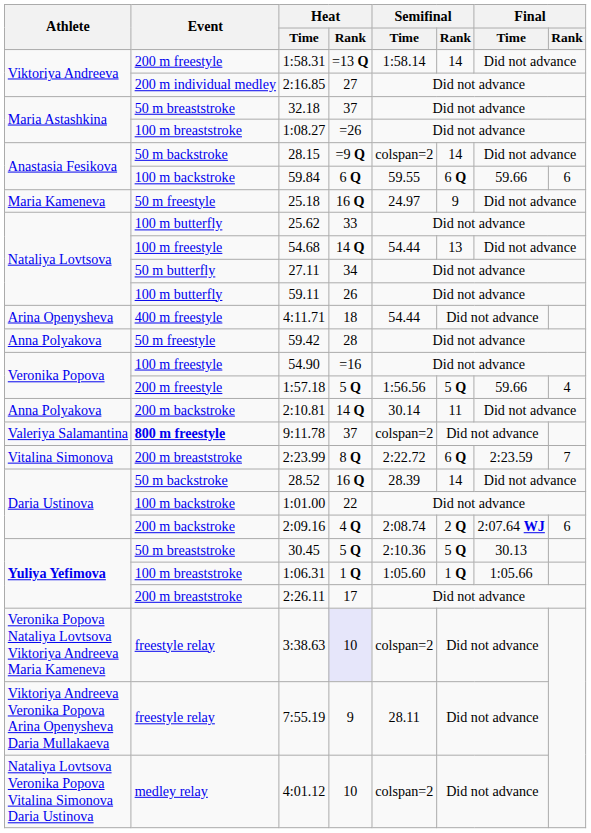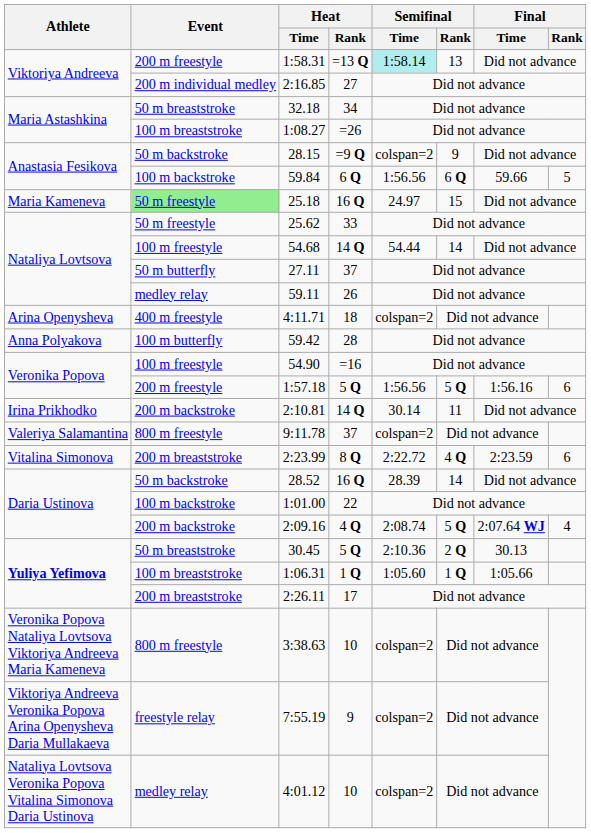 <table class=wikitable style="font-size:90%">
 <tr>
 <th rowspan="2">Athlete</th>
 <th rowspan="2">Event</th>
 <th colspan="2">Heat</th>
 <th colspan="2">Semifinal</th>
 <th colspan="2">Final</th>
 </tr>
 <tr style="font-size:95%">
 <th>Time</th>
 <th>Rank</th>
 <th>Time</th>
 <th>Rank</th>
 <th>Time</th>
 <th>Rank</th>
 </tr>
 <tr align=center>
 <td align=left rowspan=2><a href='#'>Viktoriya Andreeva</a></td>
 <td align=left><a href='#'>200 m freestyle</a></td>
 <td>1:58.31</td>
 <td>=13 <strong>Q</strong></td>
-<td>1:58.14</td>
-<td>14</td>
+<td style="background: paleturquoise;">1:58.14</td>
+<td>13</td>
 <td colspan=2>Did not advance</td>
 </tr>
 <tr align=center>
 <td align=left><a href='#'>200 m individual medley</a></td>
 <td>2:16.85</td>
 <td>27</td>
 <td colspan=4>Did not advance</td>
 </tr>
 <tr align=center>
 <td align=left rowspan=2><a href='#'>Maria Astashkina</a></td>
 <td align=left><a href='#'>50 m breaststroke</a></td>
 <td>32.18</td>
-<td>37</td>
+<td>34</td>
 <td colspan=4>Did not advance</td>
 </tr>
 <tr align=center>
 <td align=left><a href='#'>100 m breaststroke</a></td>
 <td>1:08.27</td>
 <td>=26</td>
 <td colspan=4>Did not advance</td>
 </tr>
 <tr align=center>
 <td align=left rowspan=2><a href='#'>Anastasia Fesikova</a></td>
 <td align=left><a href='#'>50 m backstroke</a></td>
 <td>28.15</td>
 <td>=9 <strong>Q</strong></td>
 <td>colspan=2 </td>
-<td>14</td>
+<td>9</td>
 <td colspan=2>Did not advance</td>
 </tr>
 <tr align=center>
 <td align=left><a href='#'>100 m backstroke</a></td>
 <td>59.84</td>
 <td>6 <strong>Q</strong></td>
-<td>59.55</td>
+<td>1:56.56</td>
 <td>6 <strong>Q</strong></td>
 <td>59.66</td>
-<td>6</td>
+<td>5</td>
 </tr>
 <tr align=center>
 <td align=left><a href='#'>Maria Kameneva</a></td>
-<td align=left><a href='#'>50 m freestyle</a></td>
+<td align=left style="background: lightgreen;"><a href='#'>50 m freestyle</a></td>
 <td>25.18</td>
 <td>16 <strong>Q</strong></td>
 <td>24.97</td>
-<td>9</td>
+<td>15</td>
 <td colspan=2>Did not advance</td>
 </tr>
 <tr align=center>
 <td align=left rowspan=4><a href='#'>Nataliya Lovtsova</a></td>
-<td align=left><a href='#'>100 m butterfly</a></td>
+<td align=left><a href='#'>50 m freestyle</a></td>
 <td>25.62</td>
 <td>33</td>
 <td colspan=4>Did not advance</td>
 </tr>
 <tr align=center>
 <td align=left><a href='#'>100 m freestyle</a></td>
 <td>54.68</td>
 <td>14 <strong>Q</strong></td>
 <td>54.44</td>
-<td>13</td>
+<td>14</td>
 <td colspan=2>Did not advance</td>
 </tr>
 <tr align=center>
 <td align=left><a href='#'>50 m butterfly</a></td>
 <td>27.11</td>
-<td>34</td>
+<td>37</td>
 <td colspan=4>Did not advance</td>
 </tr>
 <tr align=center>
-<td align=left><a href='#'>100 m butterfly</a></td>
+<td align=left><a href='#'> medley relay</a></td>
 <td>59.11</td>
 <td>26</td>
 <td colspan=4>Did not advance</td>
 </tr>
 <tr align=center>
 <td align=left><a href='#'>Arina Openysheva</a></td>
 <td align=left><a href='#'>400 m freestyle</a></td>
 <td>4:11.71</td>
 <td>18</td>
-<td>54.44</td>
+<td>colspan=2 </td>
 <td colspan=2>Did not advance</td>
 </tr>
 <tr align=center>
 <td align=left><a href='#'>Anna Polyakova</a></td>
-<td align=left><a href='#'>50 m freestyle</a></td>
+<td align=left><a href='#'>100 m butterfly</a></td>
 <td>59.42</td>
 <td>28</td>
 <td colspan=4>Did not advance</td>
 </tr>
 <tr align=center>
 <td align=left rowspan=2><a href='#'>Veronika Popova</a></td>
 <td align=left><a href='#'>100 m freestyle</a></td>
 <td>54.90</td>
 <td>=16</td>
 <td colspan=4>Did not advance</td>
 </tr>
 <tr align=center>
 <td align=left><a href='#'>200 m freestyle</a></td>
 <td>1:57.18</td>
 <td>5 <strong>Q</strong></td>
 <td>1:56.56</td>
 <td>5 <strong>Q</strong></td>
-<td>59.66</td>
-<td>4</td>
+<td>1:56.16</td>
+<td>6</td>
 </tr>
 <tr align=center>
-<td align=left><a href='#'>Anna Polyakova</a></td>
+<td align=left><a href='#'>Irina Prikhodko</a></td>
 <td align=left><a href='#'>200 m backstroke</a></td>
 <td>2:10.81</td>
 <td>14 <strong>Q</strong></td>
 <td>30.14</td>
 <td>11</td>
 <td colspan=2>Did not advance</td>
 </tr>
 <tr align=center>
 <td align=left><a href='#'>Valeriya Salamantina</a></td>
-<td align=left><strong><a href='#'>800 m freestyle</a></strong></td>
+<td align=left><a href='#'>800 m freestyle</a></td>
 <td>9:11.78</td>
 <td>37</td>
 <td>colspan=2 </td>
 <td colspan=2>Did not advance</td>
 </tr>
 <tr align=center>
 <td align=left><a href='#'>Vitalina Simonova</a></td>
 <td align=left><a href='#'>200 m breaststroke</a></td>
 <td>2:23.99</td>
 <td>8 <strong>Q</strong></td>
 <td>2:22.72</td>
-<td>6 <strong>Q</strong></td>
+<td>4 <strong>Q</strong></td>
 <td>2:23.59</td>
-<td>7</td>
+<td>6</td>
 </tr>
 <tr align=center>
 <td align=left rowspan=3><a href='#'>Daria Ustinova</a></td>
 <td align=left><a href='#'>50 m backstroke</a></td>
 <td>28.52</td>
 <td>16 <strong>Q</strong></td>
 <td>28.39</td>
 <td>14</td>
 <td colspan=2>Did not advance</td>
 </tr>
 <tr align=center>
 <td align=left><a href='#'>100 m backstroke</a></td>
 <td>1:01.00</td>
 <td>22</td>
 <td colspan=4>Did not advance</td>
 </tr>
 <tr align=center>
 <td align=left><a href='#'>200 m backstroke</a></td>
 <td>2:09.16</td>
 <td>4 <strong>Q</strong></td>
 <td>2:08.74</td>
-<td>2 <strong>Q</strong></td>
+<td>5 <strong>Q</strong></td>
 <td>2:07.64 <strong><a href='#'>WJ</a></strong></td>
-<td>6</td>
+<td>4</td>
 </tr>
 <tr align=center>
 <td align=left rowspan=3><strong><a href='#'>Yuliya Yefimova</a></strong></td>
 <td align=left><a href='#'>50 m breaststroke</a></td>
 <td>30.45</td>
 <td>5 <strong>Q</strong></td>
 <td>2:10.36</td>
-<td>5 <strong>Q</strong></td>
+<td>2 <strong>Q</strong></td>
 <td>30.13</td>
 <td></td>
 </tr>
 <tr align=center>
 <td align=left><a href='#'>100 m breaststroke</a></td>
 <td>1:06.31</td>
 <td>1 <strong>Q</strong></td>
 <td>1:05.60</td>
 <td>1 <strong>Q</strong></td>
 <td>1:05.66</td>
 <td></td>
 </tr>
 <tr align=center>
 <td align=left><a href='#'>200 m breaststroke</a></td>
 <td>2:26.11</td>
 <td>17</td>
 <td colspan=4>Did not advance</td>
 </tr>
 <tr align=center>
 <td align=left><a href='#'>Veronika Popova</a><br><a href='#'>Nataliya Lovtsova</a><br><a href='#'>Viktoriya Andreeva</a><br><a href='#'>Maria Kameneva</a></td>
-<td align=left><a href='#'> freestyle relay</a></td>
+<td align=left><a href='#'>800 m freestyle</a></td>
 <td>3:38.63</td>
-<td style="background: lavender;">10</td>
+<td>10</td>
 <td>colspan=2 </td>
 <td colspan=2>Did not advance</td>
 </tr>
 <tr align=center>
 <td align=left><a href='#'>Viktoriya Andreeva</a><br><a href='#'>Veronika Popova</a><br><a href='#'>Arina Openysheva</a><br><a href='#'>Daria Mullakaeva</a></td>
 <td align=left><a href='#'> freestyle relay</a></td>
 <td>7:55.19</td>
 <td>9</td>
-<td>28.11</td>
+<td>colspan=2 </td>
 <td colspan=2>Did not advance</td>
 </tr>
 <tr align=center>
 <td align=left><a href='#'>Nataliya Lovtsova</a><br><a href='#'>Veronika Popova</a><br><a href='#'>Vitalina Simonova</a><br><a href='#'>Daria Ustinova</a></td>
 <td align=left><a href='#'> medley relay</a></td>
 <td>4:01.12</td>
 <td>10</td>
 <td>colspan=2 </td>
 <td colspan=2>Did not advance</td>
 </tr>
 </table>
